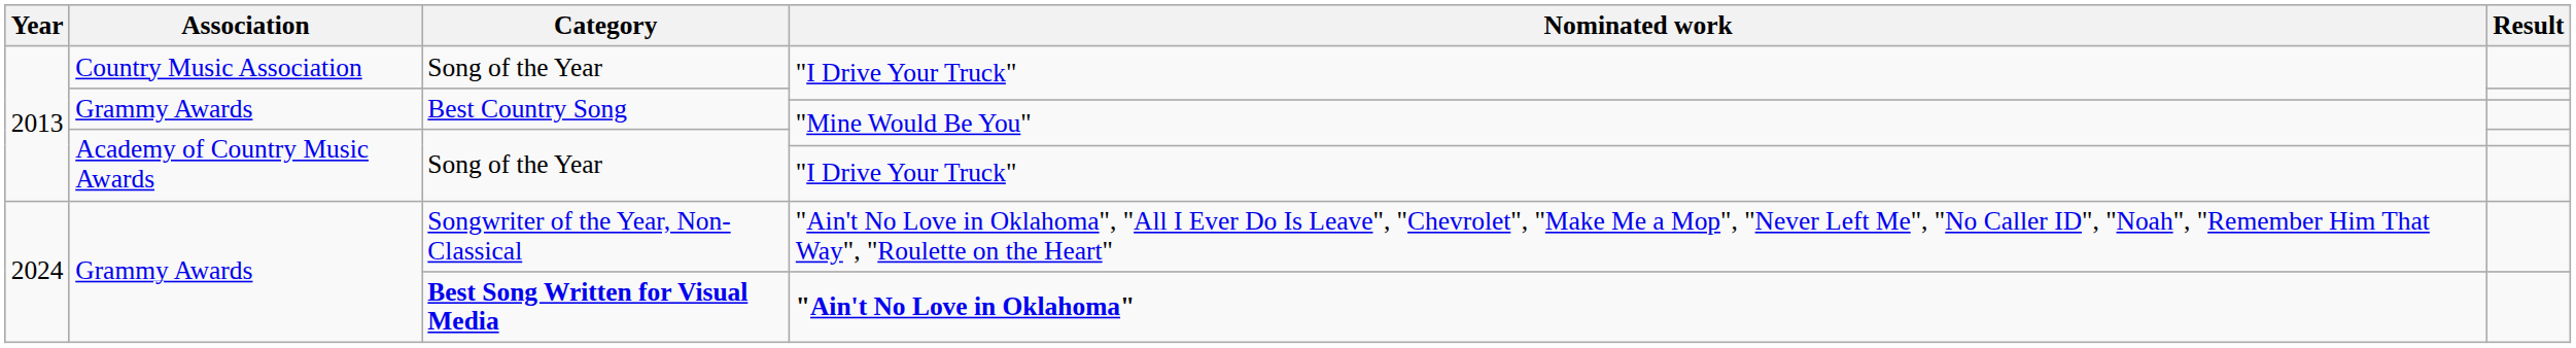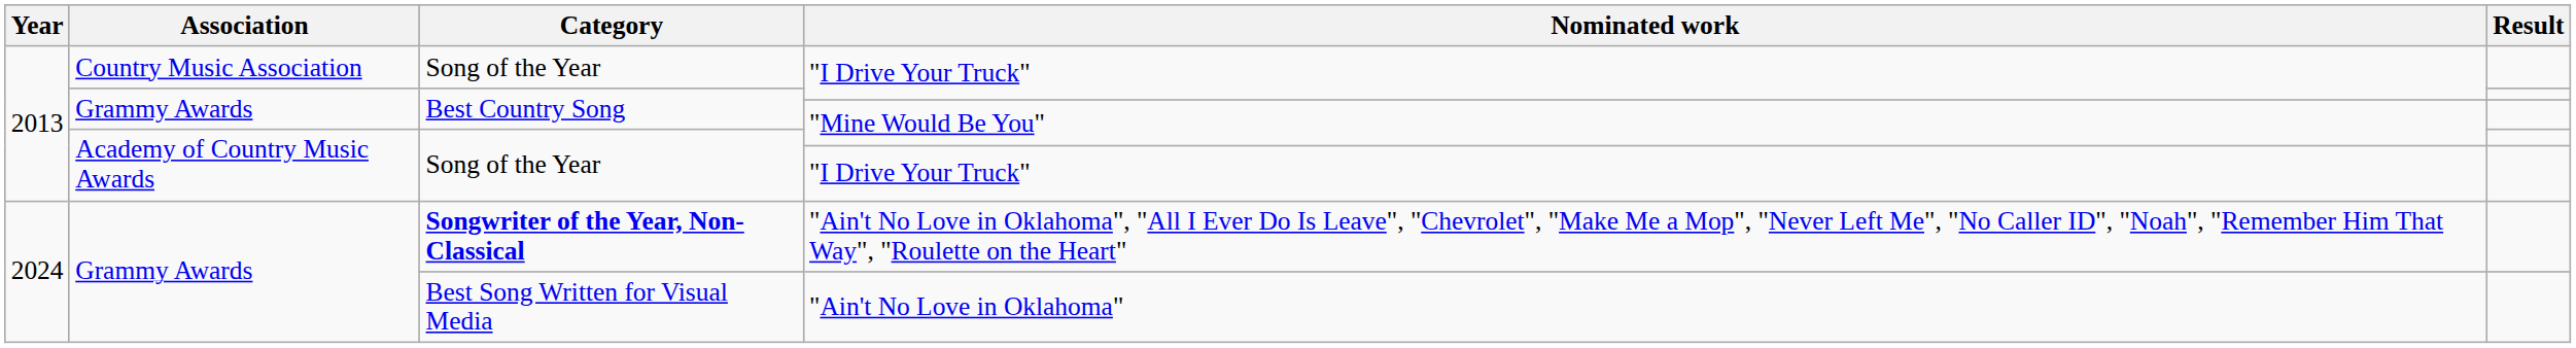 <table class="wikitable">
 <tr>
 <th>Year</th>
 <th>Association</th>
 <th>Category</th>
 <th>Nominated work</th>
 <th>Result</th>
 </tr>
 <tr>
 <td rowspan=5>2013</td>
 <td><a href='#'>Country Music Association</a></td>
 <td>Song of the Year</td>
 <td rowspan=2>"<a href='#'>I Drive Your Truck</a>"</td>
 <td></td>
 </tr>
 <tr>
 <td rowspan=2><a href='#'>Grammy Awards</a></td>
 <td rowspan=2><a href='#'>Best Country Song</a></td>
 <td></td>
 </tr>
 <tr>
 <td rowspan=2>"<a href='#'>Mine Would Be You</a>"</td>
 <td></td>
 </tr>
 <tr>
 <td rowspan=2><a href='#'>Academy of Country Music Awards</a></td>
 <td rowspan=2>Song of the Year</td>
 <td></td>
 </tr>
 <tr>
 <td>"<a href='#'>I Drive Your Truck</a>"</td>
 <td></td>
 </tr>
 <tr>
 <td rowspan=2>2024</td>
 <td rowspan=2><a href='#'>Grammy Awards</a></td>
-<td><a href='#'>Songwriter of the Year, Non-Classical</a></td>
+<td><strong><a href='#'>Songwriter of the Year, Non-Classical</a></strong></td>
 <td>"<a href='#'>Ain't No Love in Oklahoma</a>", "<a href='#'>All I Ever Do Is Leave</a>", "<a href='#'>Chevrolet</a>", "<a href='#'>Make Me a Mop</a>", "<a href='#'>Never Left Me</a>", "<a href='#'>No Caller ID</a>", "<a href='#'>Noah</a>", "<a href='#'>Remember Him That Way</a>", "<a href='#'>Roulette on the Heart</a>"</td>
 <td></td>
 </tr>
 <tr>
-<td><strong><a href='#'>Best Song Written for Visual Media</a></strong></td>
-<td><strong>"<a href='#'>Ain't No Love in Oklahoma</a>"</strong></td>
+<td><a href='#'>Best Song Written for Visual Media</a></td>
+<td>"<a href='#'>Ain't No Love in Oklahoma</a>"</td>
 <td></td>
 </tr>
 </table>
